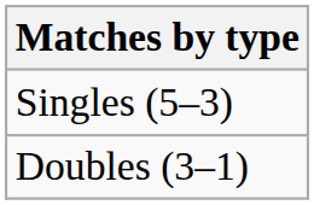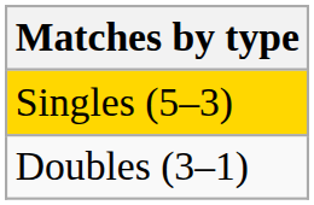 <table class=wikitable>
 <tr>
 <th>Matches by type</th>
 </tr>
 <tr>
-<td>Singles (5–3)</td>
+<td style="background: gold;">Singles (5–3)</td>
 </tr>
 <tr>
 <td>Doubles (3–1)</td>
 </tr>
 </table>
